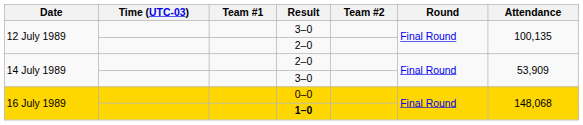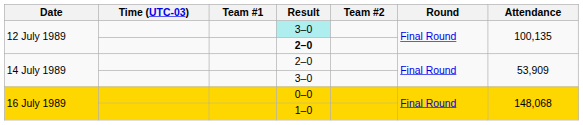 <table class="wikitable" style="text-align:left; width:100%;">
 <tr>
 <th>Date</th>
 <th>Time (<a href='#'>UTC-03</a>)</th>
 <th>Team #1</th>
 <th>Result</th>
 <th>Team #2</th>
 <th>Round</th>
 <th>Attendance</th>
 </tr>
 <tr>
 <td rowspan="2">12 July 1989</td>
 <td></td>
 <td><strong></strong></td>
-<td style="text-align:center;">3–0</td>
+<td style="background: paleturquoise; text-align:center;">3–0</td>
 <td></td>
 <td rowspan="2"><a href='#'>Final Round</a></td>
 <td rowspan="2" style="text-align:center;">100,135</td>
 </tr>
 <tr>
 <td></td>
 <td><strong></strong></td>
-<td style="text-align:center;">2–0</td>
+<td style="text-align:center;"><strong>2–0</strong></td>
 <td></td>
 </tr>
 <tr>
 <td rowspan="2">14 July 1989</td>
 <td></td>
 <td><strong></strong></td>
 <td style="text-align:center;">2–0</td>
 <td></td>
 <td rowspan="2"><a href='#'>Final Round</a></td>
 <td rowspan="2" style="text-align:center;">53,909</td>
 </tr>
 <tr>
 <td></td>
 <td><strong></strong></td>
 <td style="text-align:center;">3–0</td>
 <td></td>
 </tr>
 <tr bgcolor=gold>
 <td rowspan="2">16 July 1989</td>
 <td></td>
 <td></td>
 <td style="text-align:center;">0–0</td>
 <td></td>
 <td rowspan="2"><a href='#'>Final Round</a></td>
 <td rowspan="2" style="text-align:center;">148,068</td>
 </tr>
 <tr bgcolor=gold>
 <td></td>
 <td><strong></strong></td>
-<td style="text-align:center;"><strong>1–0</strong></td>
+<td style="text-align:center;">1–0</td>
 <td></td>
 </tr>
 </table>
